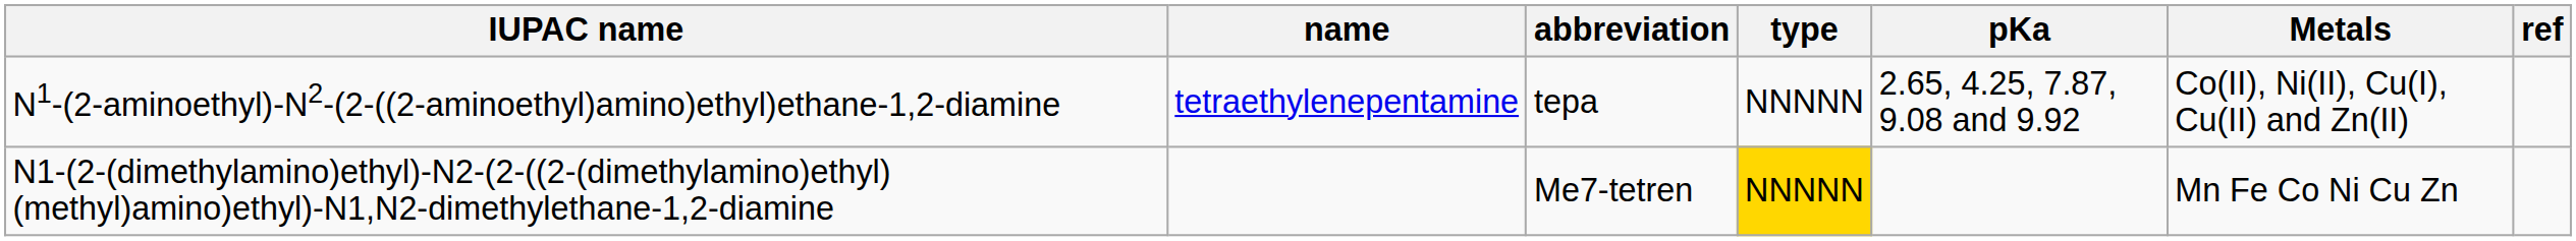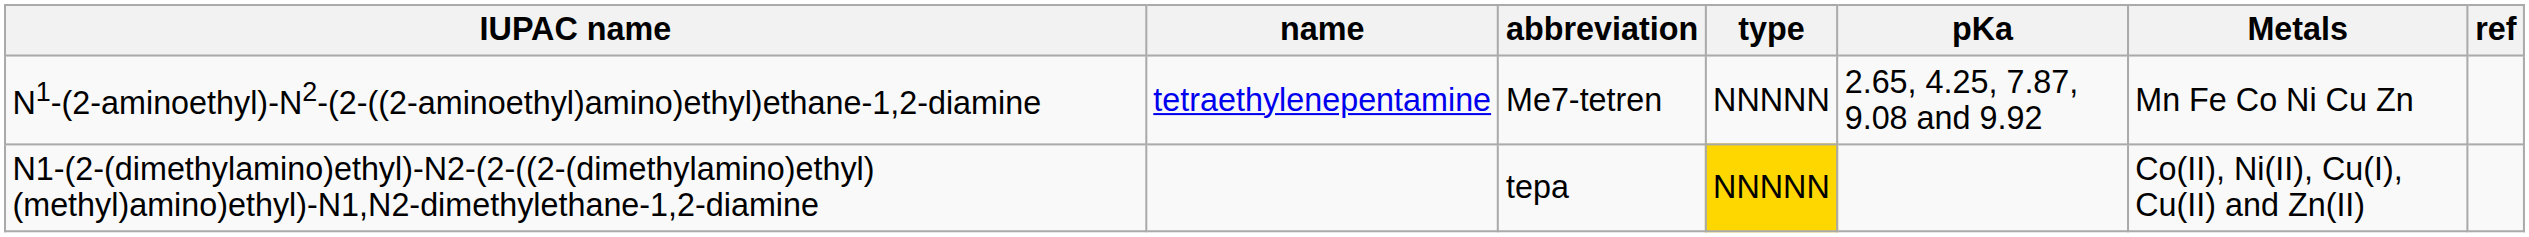 <table class="wikitable">
 <tr>
 <th>IUPAC name</th>
 <th>name</th>
 <th>abbreviation</th>
 <th>type</th>
 <th>pKa</th>
 <th>Metals</th>
 <th>ref</th>
 </tr>
 <tr>
 <td>N<sup>1</sup>-(2-aminoethyl)-N<sup>2</sup>-(2-((2-aminoethyl)amino)ethyl)ethane-1,2-diamine</td>
 <td><a href='#'>tetraethylenepentamine</a></td>
-<td>tepa</td>
+<td>Me7-tetren</td>
 <td>NNNNN</td>
 <td>2.65, 4.25, 7.87, 9.08 and 9.92</td>
-<td>Co(II), Ni(II), Cu(I), Cu(II) and Zn(II)</td>
+<td>Mn Fe Co Ni Cu Zn</td>
 <td></td>
 </tr>
 <tr>
 <td>N1-(2-(dimethylamino)ethyl)-N2-(2-((2-(dimethylamino)ethyl)(methyl)amino)ethyl)-N1,N2-dimethylethane-1,2-diamine</td>
 <td></td>
-<td>Me7-tetren</td>
+<td>tepa</td>
 <td style="background: gold;">NNNNN</td>
 <td></td>
-<td>Mn Fe Co Ni Cu Zn</td>
+<td>Co(II), Ni(II), Cu(I), Cu(II) and Zn(II)</td>
 </tr>
 </table>
